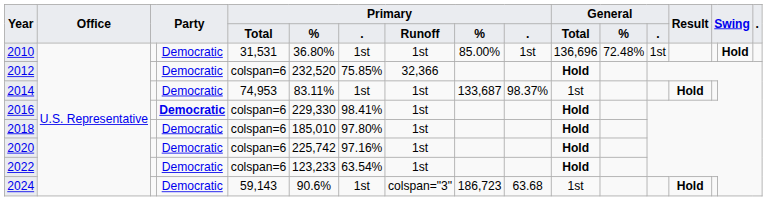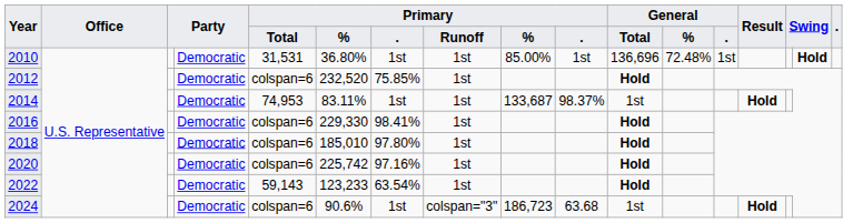 <table class="wikitable" style="font-size:90%; text-align:center;">
 <tr>
 <th style="background-color:#EAECF0;" rowspan=2>Year</th>
 <th style="background-color:#EAECF0;" rowspan=2>Office</th>
 <th style="background-color:#EAECF0;" colspan=2 rowspan=2>Party</th>
 <th style="background-color:#EAECF0;" colspan=6>Primary</th>
 <th style="background-color:#EAECF0;" colspan=3>General</th>
 <th style="background-color:#EAECF0;" rowspan=2>Result</th>
 <th style="background-color:#EAECF0;" colspan=2 rowspan=2><a href='#'>Swing</a></th>
 <th style="background-color:#EAECF0;" rowspan=2>.</th>
 </tr>
 <tr>
 <th style="background-color:#EAECF0;">Total</th>
 <th style="background-color:#EAECF0;">%</th>
 <th style="background-color:#EAECF0;">.</th>
 <th style="background-color:#EAECF0;">Runoff</th>
 <th style="background-color:#EAECF0;">%</th>
 <th style="background-color:#EAECF0;">.</th>
 <th style="background-color:#EAECF0;">Total</th>
 <th style="background-color:#EAECF0;">%</th>
 <th style="background-color:#EAECF0;">.</th>
 </tr>
 <tr>
 <td style="background-color:#EAECF0;"><a href='#'>2010</a></td>
 <td rowspan="8"><a href='#'>U.S. Representative</a></td>
 <td style="background-color:"></td>
 <td><a href='#'>Democratic</a></td>
 <td>31,531</td>
 <td>36.80%</td>
 <td>1st</td>
 <td>1st</td>
 <td>85.00%</td>
 <td>1st</td>
 <td>136,696</td>
 <td>72.48%</td>
 <td>1st</td>
 <td></td>
 <td style="background-color:"></td>
 <td><strong>Hold</strong></td>
 <td></td>
 </tr>
 <tr>
 <td style="background-color:#EAECF0;"><a href='#'>2012</a></td>
 <td style="background-color:"></td>
 <td><a href='#'>Democratic</a></td>
 <td>colspan=6 </td>
 <td>232,520</td>
 <td>75.85%</td>
-<td>32,366</td>
+<td>1st</td>
 <td></td>
 <td style="background-color:"></td>
 <td><strong>Hold</strong></td>
 <td></td>
 </tr>
 <tr>
 <td style="background-color:#EAECF0;"><a href='#'>2014</a></td>
 <td style="background-color:"></td>
 <td><a href='#'>Democratic</a></td>
 <td>74,953</td>
 <td>83.11%</td>
 <td>1st</td>
 <td>1st</td>
 <td>133,687</td>
 <td>98.37%</td>
 <td>1st</td>
 <td></td>
 <td style="background-color:"></td>
 <td><strong>Hold</strong></td>
 <td></td>
 </tr>
 <tr>
 <td style="background-color:#EAECF0;"><a href='#'>2016</a></td>
 <td style="background-color:"></td>
-<td><strong><a href='#'>Democratic</a></strong></td>
+<td><a href='#'>Democratic</a></td>
 <td>colspan=6 </td>
 <td>229,330</td>
 <td>98.41%</td>
 <td>1st</td>
 <td></td>
 <td style="background-color:"></td>
 <td><strong>Hold</strong></td>
 <td></td>
 </tr>
 <tr>
 <td style="background-color:#EAECF0;"><a href='#'>2018</a></td>
 <td style="background-color:"></td>
 <td><a href='#'>Democratic</a></td>
 <td>colspan=6 </td>
 <td>185,010</td>
 <td>97.80%</td>
 <td>1st</td>
 <td></td>
 <td style="background-color:"></td>
 <td><strong>Hold</strong></td>
 <td></td>
 </tr>
 <tr>
 <td style="background-color:#EAECF0;"><a href='#'>2020</a></td>
 <td style="background-color:"></td>
 <td><a href='#'>Democratic</a></td>
 <td>colspan=6 </td>
 <td>225,742</td>
 <td>97.16%</td>
 <td>1st</td>
 <td></td>
 <td style="background-color:"></td>
 <td><strong>Hold</strong></td>
 <td></td>
 </tr>
 <tr>
 <td style="background-color:#EAECF0;"><a href='#'>2022</a></td>
 <td style="background-color:"></td>
 <td><a href='#'>Democratic</a></td>
-<td>colspan=6 </td>
+<td>59,143</td>
 <td>123,233</td>
 <td>63.54%</td>
 <td>1st</td>
 <td></td>
 <td style="background-color:"></td>
 <td><strong>Hold</strong></td>
 <td></td>
 </tr>
 <tr>
 <td style="background-color:#EAECF0;"><a href='#'>2024</a></td>
 <td style="background-color:"></td>
 <td><a href='#'>Democratic</a></td>
-<td>59,143</td>
+<td>colspan=6 </td>
 <td>90.6%</td>
 <td>1st</td>
 <td>colspan="3" </td>
 <td>186,723</td>
 <td>63.68</td>
 <td>1st</td>
 <td></td>
 <td style="background-color:"></td>
 <td><strong>Hold</strong></td>
 <td></td>
 </tr>
 </table>
